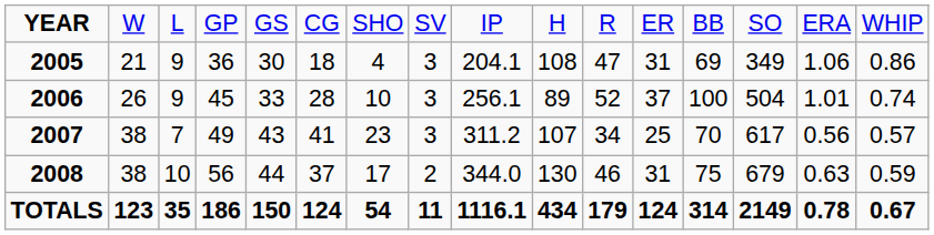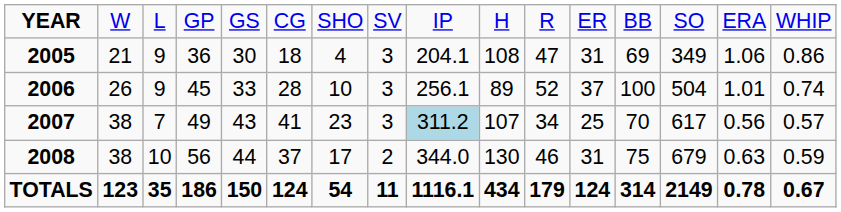 <table class="wikitable">
 <tr align=center>
 <td><strong>YEAR</strong></td>
 <td><a href='#'>W</a></td>
 <td><a href='#'>L</a></td>
 <td><a href='#'>GP</a></td>
 <td><a href='#'>GS</a></td>
 <td><a href='#'>CG</a></td>
 <td><a href='#'>SHO</a></td>
 <td><a href='#'>SV</a></td>
 <td><a href='#'>IP</a></td>
 <td><a href='#'>H</a></td>
 <td><a href='#'>R</a></td>
 <td><a href='#'>ER</a></td>
 <td><a href='#'>BB</a></td>
 <td><a href='#'>SO</a></td>
 <td><a href='#'>ERA</a></td>
 <td><a href='#'>WHIP</a></td>
 </tr>
 <tr align=center>
 <td><strong>2005</strong></td>
 <td>21</td>
 <td>9</td>
 <td>36</td>
 <td>30</td>
 <td>18</td>
 <td>4</td>
 <td>3</td>
 <td>204.1</td>
 <td>108</td>
 <td>47</td>
 <td>31</td>
 <td>69</td>
 <td>349</td>
 <td>1.06</td>
 <td>0.86</td>
 </tr>
 <tr align=center>
 <td><strong>2006</strong></td>
 <td>26</td>
 <td>9</td>
 <td>45</td>
 <td>33</td>
 <td>28</td>
 <td>10</td>
 <td>3</td>
 <td>256.1</td>
 <td>89</td>
 <td>52</td>
 <td>37</td>
 <td>100</td>
 <td>504</td>
 <td>1.01</td>
 <td>0.74</td>
 </tr>
 <tr align=center>
 <td><strong>2007</strong></td>
 <td>38</td>
 <td>7</td>
 <td>49</td>
 <td>43</td>
 <td>41</td>
 <td>23</td>
 <td>3</td>
-<td>311.2</td>
+<td style="background: lightblue;">311.2</td>
 <td>107</td>
 <td>34</td>
 <td>25</td>
 <td>70</td>
 <td>617</td>
 <td>0.56</td>
 <td>0.57</td>
 </tr>
 <tr align=center>
 <td><strong>2008</strong></td>
 <td>38</td>
 <td>10</td>
 <td>56</td>
 <td>44</td>
 <td>37</td>
 <td>17</td>
 <td>2</td>
 <td>344.0</td>
 <td>130</td>
 <td>46</td>
 <td>31</td>
 <td>75</td>
 <td>679</td>
 <td>0.63</td>
 <td>0.59</td>
 </tr>
 <tr align=center>
 <td><strong>TOTALS</strong></td>
 <td><strong>123</strong></td>
 <td><strong>35</strong></td>
 <td><strong>186</strong></td>
 <td><strong>150</strong></td>
 <td><strong>124</strong></td>
 <td><strong>54</strong></td>
 <td><strong>11</strong></td>
 <td><strong>1116.1</strong></td>
 <td><strong>434</strong></td>
 <td><strong>179</strong></td>
 <td><strong>124</strong></td>
 <td><strong>314</strong></td>
 <td><strong>2149</strong></td>
 <td><strong>0.78</strong></td>
 <td><strong>0.67</strong></td>
 </tr>
 </table>
